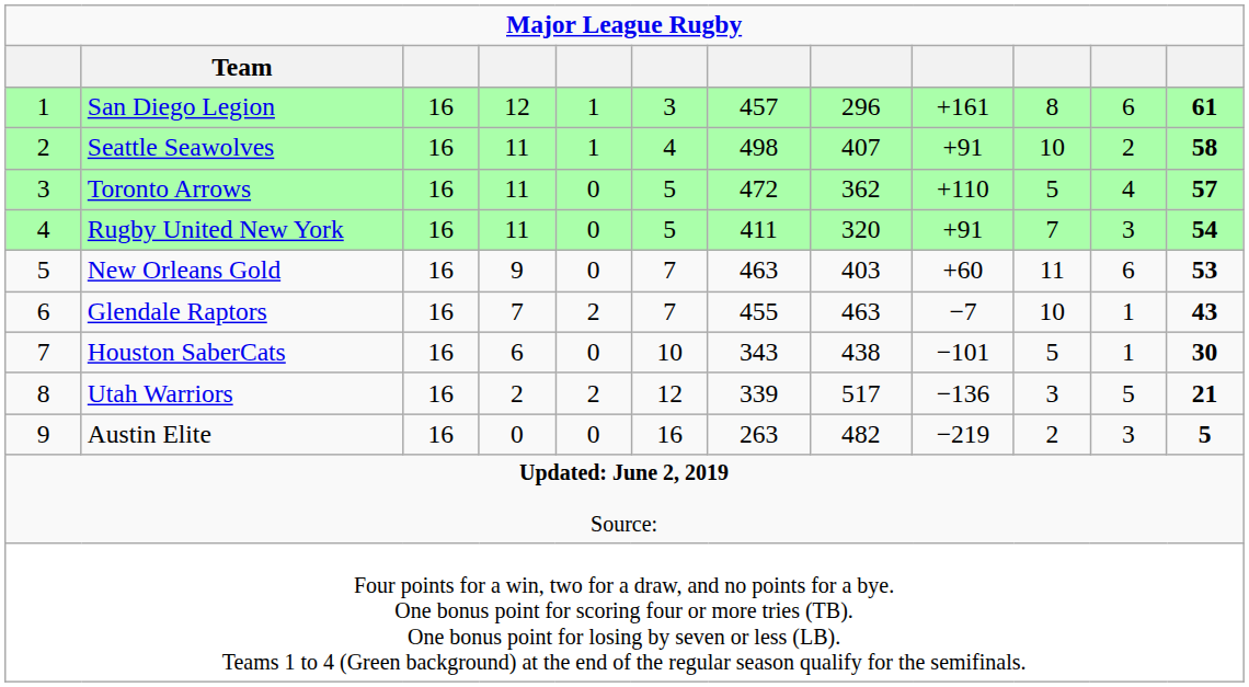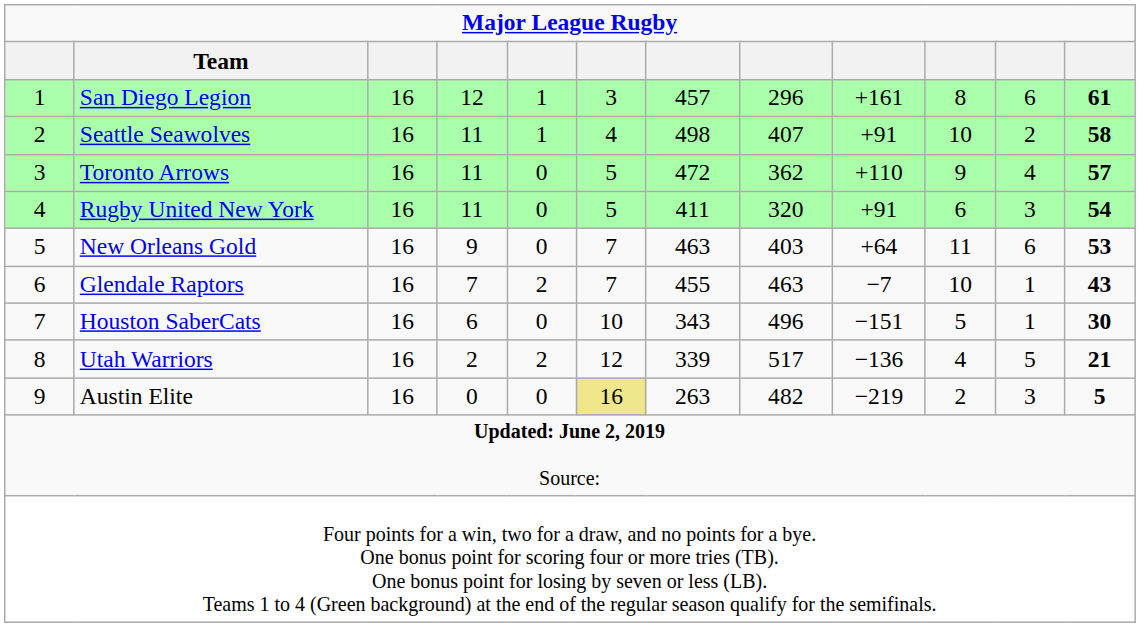 <table class="wikitable" style="text-align: center;">
 <tr style="background:#f9f9f9;">
 <td colspan="15" cellpadding="0" cellspacing="0"><strong><a href='#'>Major League Rugby</a></strong></td>
 </tr>
 <tr style="background:#f3f3f3;">
 <th style="width:2.5em;"></th>
 <th scope="col" style="width:12em;">Team</th>
 <th style="width:2.5em;"></th>
 <th style="width:2.5em;"></th>
 <th style="width:2.5em;"></th>
 <th style="width:2.5em;"></th>
 <th style="width:3.5em;"></th>
 <th style="width:3.5em;"></th>
 <th style="width:3.5em;"></th>
 <th style="width:2.5em;"></th>
 <th style="width:2.5em;"></th>
 <th style="width:2.5em;"> </th>
 </tr>
 <tr bgcolor=#aaffaa>
 <td>1</td>
 <td align=left><a href='#'>San Diego Legion</a></td>
 <td>16</td>
 <td>12</td>
 <td>1</td>
 <td>3</td>
 <td>457</td>
 <td>296</td>
 <td>+161</td>
 <td>8</td>
 <td>6</td>
 <td><strong>61</strong></td>
 </tr>
 <tr bgcolor=#aaffaa>
 <td>2</td>
 <td align="left"><a href='#'>Seattle Seawolves</a></td>
 <td>16</td>
 <td>11</td>
 <td>1</td>
 <td>4</td>
 <td>498</td>
 <td>407</td>
 <td>+91</td>
 <td>10</td>
 <td>2</td>
 <td><strong>58</strong></td>
 </tr>
 <tr bgcolor="#aaffaa">
 <td>3</td>
 <td align=left><a href='#'>Toronto Arrows</a></td>
 <td>16</td>
 <td>11</td>
 <td>0</td>
 <td>5</td>
 <td>472</td>
 <td>362</td>
 <td>+110</td>
-<td>5</td>
+<td>9</td>
 <td>4</td>
 <td><strong>57</strong></td>
 </tr>
 <tr bgcolor="#aaffaa">
 <td>4</td>
 <td align="left"><a href='#'>Rugby United New York</a></td>
 <td>16</td>
 <td>11</td>
 <td>0</td>
 <td>5</td>
 <td>411</td>
 <td>320</td>
 <td>+91</td>
-<td>7</td>
+<td>6</td>
 <td>3</td>
 <td><strong>54</strong></td>
 </tr>
 <tr>
 <td>5</td>
 <td align="left"><a href='#'>New Orleans Gold</a></td>
 <td>16</td>
 <td>9</td>
 <td>0</td>
 <td>7</td>
 <td>463</td>
 <td>403</td>
-<td>+60</td>
+<td>+64</td>
 <td>11</td>
 <td>6</td>
 <td><strong>53</strong></td>
 </tr>
 <tr>
 <td>6</td>
 <td align="left"><a href='#'>Glendale Raptors</a></td>
 <td>16</td>
 <td>7</td>
 <td>2</td>
 <td>7</td>
 <td>455</td>
 <td>463</td>
 <td>−7</td>
 <td>10</td>
 <td>1</td>
 <td><strong>43</strong></td>
 </tr>
 <tr>
 <td>7</td>
 <td align="left"><a href='#'>Houston SaberCats</a></td>
 <td>16</td>
 <td>6</td>
 <td>0</td>
 <td>10</td>
 <td>343</td>
-<td>438</td>
-<td>−101</td>
+<td>496</td>
+<td>−151</td>
 <td>5</td>
 <td>1</td>
 <td><strong>30</strong></td>
 </tr>
 <tr>
 <td>8</td>
 <td align="left"><a href='#'>Utah Warriors</a></td>
 <td>16</td>
 <td>2</td>
 <td>2</td>
 <td>12</td>
 <td>339</td>
 <td>517</td>
 <td>−136</td>
-<td>3</td>
+<td>4</td>
 <td>5</td>
 <td><strong>21</strong></td>
 </tr>
 <tr>
 <td>9</td>
 <td align="left">Austin Elite</td>
 <td>16</td>
 <td>0</td>
 <td>0</td>
-<td>16</td>
+<td style="background: khaki;">16</td>
 <td>263</td>
 <td>482</td>
 <td>−219</td>
 <td>2</td>
 <td>3</td>
 <td><strong>5</strong></td>
 </tr>
 <tr>
 <td colspan="15" style="font-size:85%; border:0;"><strong>Updated: June 2, 2019</strong> <br><br>Source: </td>
 </tr>
 <tr style="background:#fff;">
 <td colspan="15" style="font-size:85%;"><br>Four points for a win, two for a draw, and no points for a bye.<br> One bonus point for scoring four or more tries (TB).<br>One bonus point for losing by seven or less (LB).<br>   Teams 1 to 4 <span>(Green background)</span> at the end of the regular season qualify for the semifinals.<br></td>
 </tr>
 </table>
